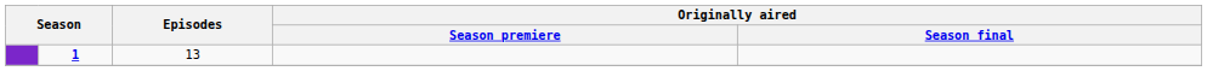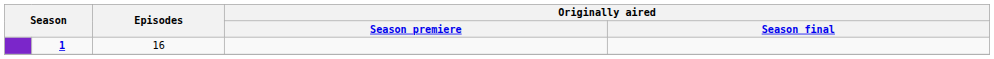 <table class="wikitable plainrowheaders" style="text-align:center; width:100%;">
 <tr>
 <th colspan="2" rowspan="2" width=3%>Season</th>
 <th rowspan="2" width=5%>Episodes</th>
 <th colspan="2">Originally aired</th>
 </tr>
 <tr>
 <th width=15%><a href='#'>Season premiere</a></th>
 <th width=15%><a href='#'>Season final</a></th>
 </tr>
 <tr>
 <td style="background-color:#7B26CA; height:10px;"></td>
 <td><strong><a href='#'>1</a></strong></td>
-<td>13</td>
+<td>16</td>
 <td></td>
 <td></td>
 </tr>
 <tr>
 </tr>
 </table>
